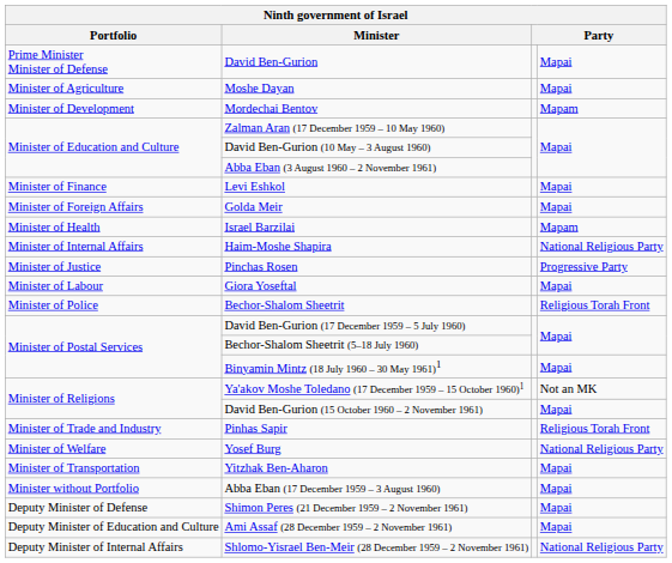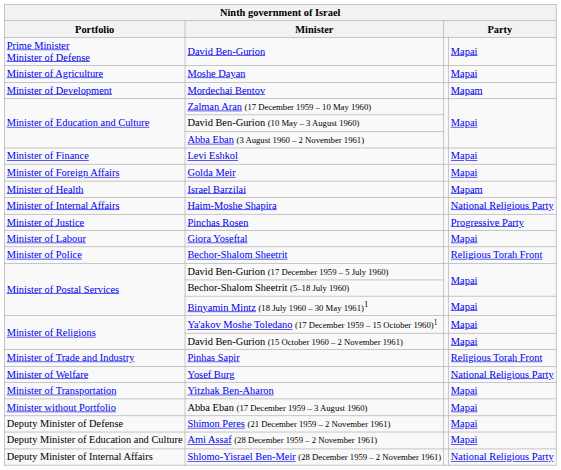 <table class="wikitable sortable" style="text-align:left">
 <tr>
 <th colspan="4">Ninth government of Israel</th>
 </tr>
 <tr>
 <th>Portfolio</th>
 <th>Minister</th>
 <th colspan="2">Party</th>
 </tr>
 <tr>
 <td><a href='#'>Prime Minister</a><br><a href='#'>Minister of Defense</a></td>
 <td><a href='#'>David Ben-Gurion</a></td>
 <td style="background:"></td>
 <td><a href='#'>Mapai</a></td>
 </tr>
 <tr>
 <td><a href='#'>Minister of Agriculture</a></td>
 <td><a href='#'>Moshe Dayan</a></td>
 <td style="background:"></td>
 <td><a href='#'>Mapai</a></td>
 </tr>
 <tr>
 <td><a href='#'>Minister of Development</a></td>
 <td><a href='#'>Mordechai Bentov</a></td>
 <td style="background:"></td>
 <td><a href='#'>Mapam</a></td>
 </tr>
 <tr>
 <td rowspan="3"><a href='#'>Minister of Education and Culture</a></td>
 <td><a href='#'>Zalman Aran</a> <small>(17 December 1959 – 10 May 1960)</small></td>
 <td rowspan="3" style="background:"></td>
 <td rowspan="3"><a href='#'>Mapai</a></td>
 </tr>
 <tr>
 <td>David Ben-Gurion <small>(10 May – 3 August 1960)</small></td>
 </tr>
 <tr>
 <td><a href='#'>Abba Eban</a> <small>(3 August 1960 – 2 November 1961)</small></td>
 </tr>
 <tr>
 <td><a href='#'>Minister of Finance</a></td>
 <td><a href='#'>Levi Eshkol</a></td>
 <td style="background:"></td>
 <td><a href='#'>Mapai</a></td>
 </tr>
 <tr>
 <td><a href='#'>Minister of Foreign Affairs</a></td>
 <td><a href='#'>Golda Meir</a></td>
 <td style="background:"></td>
 <td><a href='#'>Mapai</a></td>
 </tr>
 <tr>
 <td><a href='#'>Minister of Health</a></td>
 <td><a href='#'>Israel Barzilai</a></td>
 <td style="background:"></td>
 <td><a href='#'>Mapam</a></td>
 </tr>
 <tr>
 <td><a href='#'>Minister of Internal Affairs</a></td>
 <td><a href='#'>Haim-Moshe Shapira</a></td>
 <td style="background:"></td>
 <td><a href='#'>National Religious Party</a></td>
 </tr>
 <tr>
 <td><a href='#'>Minister of Justice</a></td>
 <td><a href='#'>Pinchas Rosen</a></td>
 <td style="background:"></td>
 <td><a href='#'>Progressive Party</a></td>
 </tr>
 <tr>
 <td><a href='#'>Minister of Labour</a></td>
 <td><a href='#'>Giora Yoseftal</a></td>
 <td style="background:"></td>
 <td><a href='#'>Mapai</a></td>
 </tr>
 <tr>
 <td><a href='#'>Minister of Police</a></td>
 <td><a href='#'>Bechor-Shalom Sheetrit</a></td>
 <td style="background:"></td>
 <td><a href='#'>Religious Torah Front</a></td>
 </tr>
 <tr>
 <td rowspan="3"><a href='#'>Minister of Postal Services</a></td>
 <td>David Ben-Gurion <small>(17 December 1959 – 5 July 1960)</small></td>
 <td rowspan="2" style="background:"></td>
 <td rowspan="2"><a href='#'>Mapai</a></td>
 </tr>
 <tr>
 <td>Bechor-Shalom Sheetrit <small>(5–18 July 1960)</small></td>
 </tr>
 <tr>
 <td><a href='#'>Binyamin Mintz</a>  <small>(18 July 1960 – 30 May 1961)</small><sup>1</sup></td>
 <td style="background:"></td>
 <td><a href='#'>Mapai</a></td>
 </tr>
 <tr>
 <td rowspan="2"><a href='#'>Minister of Religions</a></td>
 <td><a href='#'>Ya'akov Moshe Toledano</a> <small>(17 December 1959 – 15 October 1960)<sup>1</sup></small></td>
 <td style="background:"></td>
-<td>Not an MK</td>
+<td><a href='#'>Mapai</a></td>
 </tr>
 <tr>
 <td>David Ben-Gurion <small>(15 October 1960 – 2 November 1961)</small></td>
 <td style="background:"></td>
 <td><a href='#'>Mapai</a></td>
 </tr>
 <tr>
 <td><a href='#'>Minister of Trade and Industry</a></td>
 <td><a href='#'>Pinhas Sapir</a></td>
 <td style="background:"></td>
 <td><a href='#'>Religious Torah Front</a></td>
 </tr>
 <tr>
 <td><a href='#'>Minister of Welfare</a></td>
 <td><a href='#'>Yosef Burg</a></td>
 <td style="background:"></td>
 <td><a href='#'>National Religious Party</a></td>
 </tr>
 <tr>
 <td><a href='#'>Minister of Transportation</a></td>
 <td><a href='#'>Yitzhak Ben-Aharon</a></td>
 <td style="background:"></td>
 <td><a href='#'>Mapai</a></td>
 </tr>
 <tr>
 <td><a href='#'>Minister without Portfolio</a></td>
 <td>Abba Eban <small>(17 December 1959 – 3 August 1960)</small></td>
 <td style="background:"></td>
 <td><a href='#'>Mapai</a></td>
 </tr>
 <tr>
 <td>Deputy Minister of Defense</td>
 <td><a href='#'>Shimon Peres</a> <small>(21 December 1959 – 2 November 1961)</small></td>
 <td style="background:"></td>
 <td><a href='#'>Mapai</a></td>
 </tr>
 <tr>
 <td>Deputy Minister of Education and Culture</td>
 <td><a href='#'>Ami Assaf</a> <small>(28 December 1959 – 2 November 1961)</small></td>
 <td style="background:"></td>
 <td><a href='#'>Mapai</a></td>
 </tr>
 <tr>
 <td>Deputy Minister of Internal Affairs</td>
 <td><a href='#'>Shlomo-Yisrael Ben-Meir</a> <small>(28 December 1959 – 2 November 1961)</small></td>
 <td style="background:"></td>
 <td><a href='#'>National Religious Party</a></td>
 </tr>
 </table>
